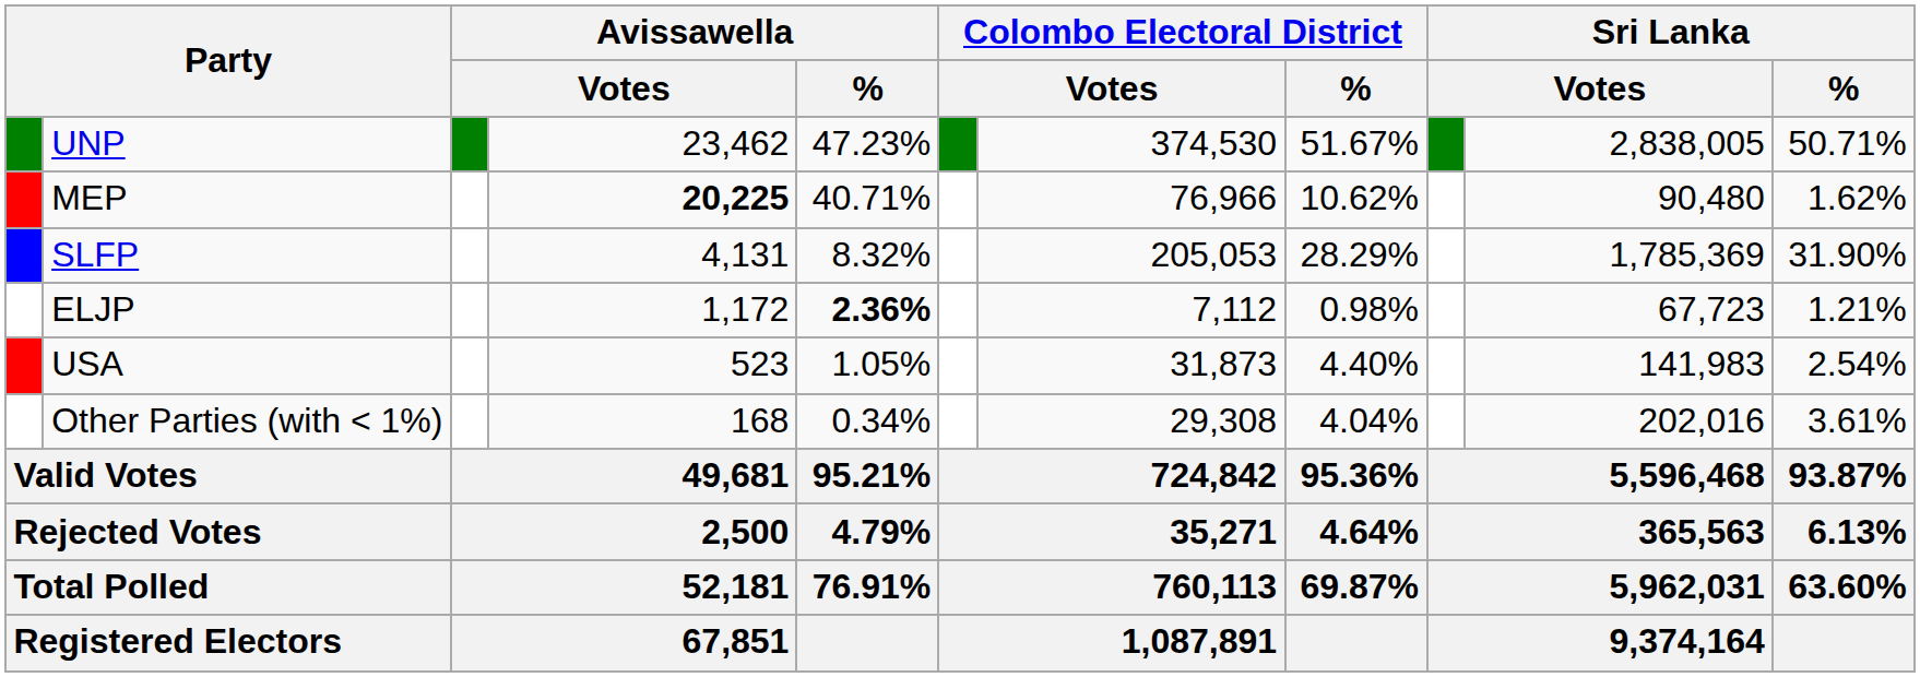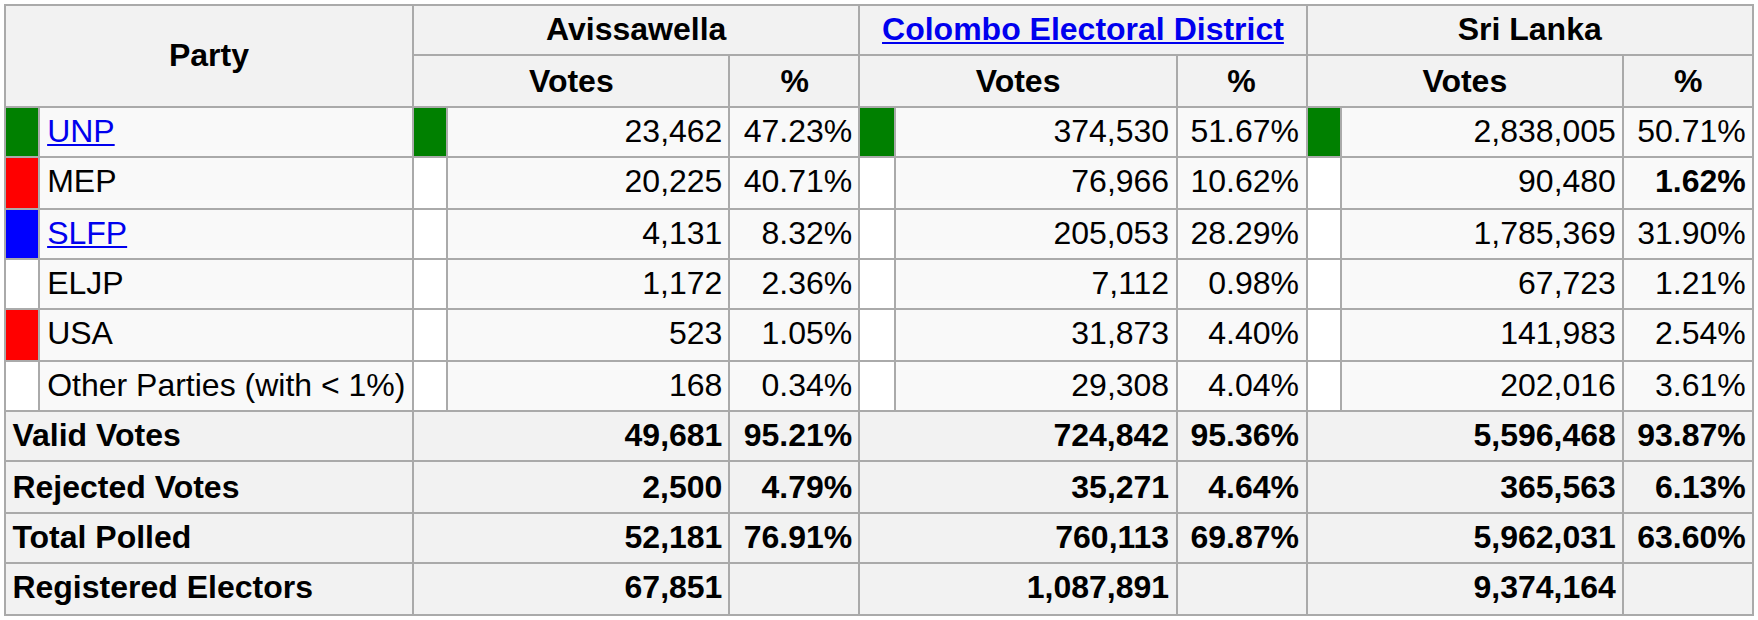 <table class="wikitable">
 <tr>
 <th colspan="2" width="144px"rowspan="2">Party</th>
 <th colspan="3" width="216px">Avissawella</th>
 <th colspan="3" width="216px"><a href='#'>Colombo Electoral District</a></th>
 <th colspan="3" width="216px">Sri Lanka</th>
 </tr>
 <tr>
 <th colspan="2" width="144px">Votes</th>
 <th>%</th>
 <th colspan="2" width="144px">Votes</th>
 <th>%</th>
 <th colspan="2" width="144px">Votes</th>
 <th>%</th>
 </tr>
 <tr>
 <td style="background-color:green;" width="10px"></td>
 <td style="text-align:left;"><a href='#'>UNP</a></td>
 <td style="background-color:green;" width="10px"></td>
 <td style="text-align:right;">23,462</td>
 <td style="text-align:right;">47.23%</td>
 <td style="background-color:green;" width="10px"></td>
 <td style="text-align:right;">374,530</td>
 <td style="text-align:right;">51.67%</td>
 <td style="background-color:green;" width="10px"></td>
 <td style="text-align:right;">2,838,005</td>
 <td style="text-align:right;">50.71%</td>
 </tr>
 <tr>
 <td style="background-color:red;" width="10px"></td>
 <td style="text-align:left;">MEP</td>
 <td style="background-color:white;" width="10px"></td>
-<td style="text-align:right;"><strong>20,225</strong></td>
+<td style="text-align:right;">20,225</td>
 <td style="text-align:right;">40.71%</td>
 <td style="background-color:white;" width="10px"></td>
 <td style="text-align:right;">76,966</td>
 <td style="text-align:right;">10.62%</td>
 <td style="background-color:white;" width="10px"></td>
 <td style="text-align:right;">90,480</td>
-<td style="text-align:right;">1.62%</td>
+<td style="text-align:right;"><strong>1.62%</strong></td>
 </tr>
 <tr>
 <td style="background-color:blue;" width="10px"></td>
 <td style="text-align:left;"><a href='#'>SLFP</a></td>
 <td style="background-color:white;" width="10px"></td>
 <td style="text-align:right;">4,131</td>
 <td style="text-align:right;">8.32%</td>
 <td style="background-color:white;" width="10px"></td>
 <td style="text-align:right;">205,053</td>
 <td style="text-align:right;">28.29%</td>
 <td style="background-color:white;" width="10px"></td>
 <td style="text-align:right;">1,785,369</td>
 <td style="text-align:right;">31.90%</td>
 </tr>
 <tr>
 <td style="background-color:white;" width="10px"></td>
 <td style="text-align:left;">ELJP</td>
 <td style="background-color:white;" width="10px"></td>
 <td style="text-align:right;">1,172</td>
-<td style="text-align:right;"><strong>2.36%</strong></td>
+<td style="text-align:right;">2.36%</td>
 <td style="background-color:white;" width="10px"></td>
 <td style="text-align:right;">7,112</td>
 <td style="text-align:right;">0.98%</td>
 <td style="background-color:white;" width="10px"></td>
 <td style="text-align:right;">67,723</td>
 <td style="text-align:right;">1.21%</td>
 </tr>
 <tr>
 <td style="background-color:red;" width="10px"></td>
 <td style="text-align:left;">USA</td>
 <td style="background-color:white;" width="10px"></td>
 <td style="text-align:right;">523</td>
 <td style="text-align:right;">1.05%</td>
 <td style="background-color:white;" width="10px"></td>
 <td style="text-align:right;">31,873</td>
 <td style="text-align:right;">4.40%</td>
 <td style="background-color:white;" width="10px"></td>
 <td style="text-align:right;">141,983</td>
 <td style="text-align:right;">2.54%</td>
 </tr>
 <tr>
 <td style="background-color:white;" width="10px"></td>
 <td style="text-align:left;">Other Parties (with < 1%)</td>
 <td style="background-color:white;" width="10px"></td>
 <td style="text-align:right;">168</td>
 <td style="text-align:right;">0.34%</td>
 <td style="background-color:white;" width="10px"></td>
 <td style="text-align:right;">29,308</td>
 <td style="text-align:right;">4.04%</td>
 <td style="background-color:white;" width="10px"></td>
 <td style="text-align:right;">202,016</td>
 <td style="text-align:right;">3.61%</td>
 </tr>
 <tr>
 <th colspan="2" width="144px"style="text-align:left;">Valid Votes</th>
 <th style="text-align:right;"colspan="2" width="144px">49,681</th>
 <th style="text-align:right;">95.21%</th>
 <th style="text-align:right;"colspan="2" width="144px">724,842</th>
 <th style="text-align:right;">95.36%</th>
 <th style="text-align:right;"colspan="2" width="144px">5,596,468</th>
 <th style="text-align:right;">93.87%</th>
 </tr>
 <tr>
 <th colspan="2" width="144px"style="text-align:left;">Rejected Votes</th>
 <th style="text-align:right;"colspan="2" width="144px">2,500</th>
 <th style="text-align:right;">4.79%</th>
 <th style="text-align:right;"colspan="2" width="144px">35,271</th>
 <th style="text-align:right;">4.64%</th>
 <th style="text-align:right;"colspan="2" width="144px">365,563</th>
 <th style="text-align:right;">6.13%</th>
 </tr>
 <tr>
 <th colspan="2" width="144px"style="text-align:left;">Total Polled</th>
 <th style="text-align:right;"colspan="2" width="144px">52,181</th>
 <th style="text-align:right;">76.91%</th>
 <th style="text-align:right;"colspan="2" width="144px">760,113</th>
 <th style="text-align:right;">69.87%</th>
 <th style="text-align:right;"colspan="2" width="144px">5,962,031</th>
 <th style="text-align:right;">63.60%</th>
 </tr>
 <tr>
 <th colspan="2" width="144px"style="text-align:left;">Registered Electors</th>
 <th style="text-align:right;"colspan="2" width="144px">67,851</th>
 <th></th>
 <th style="text-align:right;"colspan="2" width="144px">1,087,891</th>
 <th></th>
 <th style="text-align:right;"colspan="2" width="144px">9,374,164</th>
 <th></th>
 </tr>
 </table>
